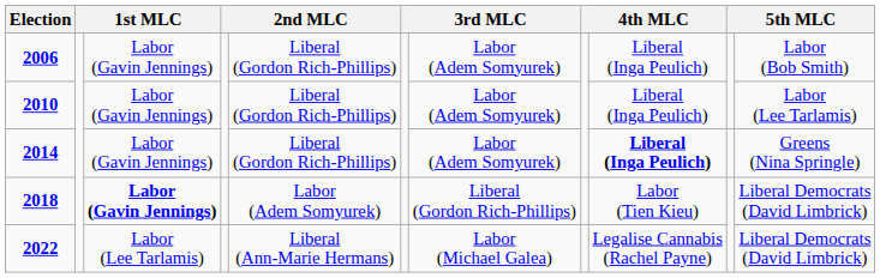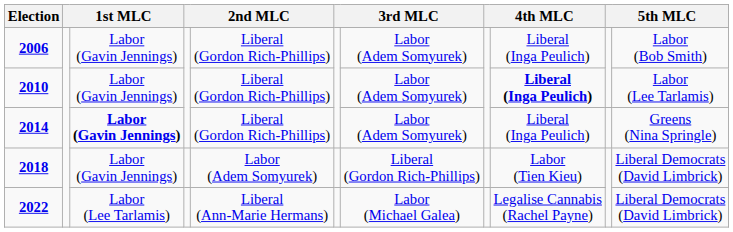 <table class=wikitable style=text-align:center>
 <tr>
 <th>Election</th>
 <th colspan=2>1st MLC</th>
 <th colspan=2>2nd MLC</th>
 <th colspan=2>3rd MLC</th>
 <th colspan=2>4th MLC</th>
 <th colspan=2>5th MLC</th>
 </tr>
 <tr>
 <td><strong><a href='#'>2006</a></strong></td>
 <td rowspan=5 ></td>
 <td><a href='#'>Labor</a><br>(<a href='#'>Gavin Jennings</a>)</td>
 <td rowspan=3 ></td>
 <td><a href='#'>Liberal</a><br>(<a href='#'>Gordon Rich-Phillips</a>)</td>
 <td rowspan=3 ></td>
 <td><a href='#'>Labor</a><br>(<a href='#'>Adem Somyurek</a>)</td>
 <td rowspan=3 ></td>
 <td><a href='#'>Liberal</a><br>(<a href='#'>Inga Peulich</a>)</td>
 <td rowspan=2 ></td>
 <td><a href='#'>Labor</a><br>(<a href='#'>Bob Smith</a>)</td>
 </tr>
 <tr>
 <td><strong><a href='#'>2010</a></strong></td>
 <td><a href='#'>Labor</a><br>(<a href='#'>Gavin Jennings</a>)</td>
 <td><a href='#'>Liberal</a><br>(<a href='#'>Gordon Rich-Phillips</a>)</td>
 <td><a href='#'>Labor</a><br>(<a href='#'>Adem Somyurek</a>)</td>
-<td><a href='#'>Liberal</a><br>(<a href='#'>Inga Peulich</a>)</td>
+<td><strong><a href='#'>Liberal</a><br>(<a href='#'>Inga Peulich</a>)</strong></td>
 <td><a href='#'>Labor</a><br>(<a href='#'>Lee Tarlamis</a>)</td>
 </tr>
 <tr>
 <td><strong><a href='#'>2014</a></strong></td>
-<td><a href='#'>Labor</a><br>(<a href='#'>Gavin Jennings</a>)</td>
+<td><strong><a href='#'>Labor</a><br>(<a href='#'>Gavin Jennings</a>)</strong></td>
 <td><a href='#'>Liberal</a><br>(<a href='#'>Gordon Rich-Phillips</a>)</td>
 <td><a href='#'>Labor</a><br>(<a href='#'>Adem Somyurek</a>)</td>
-<td><strong><a href='#'>Liberal</a><br>(<a href='#'>Inga Peulich</a>)</strong></td>
+<td><a href='#'>Liberal</a><br>(<a href='#'>Inga Peulich</a>)</td>
 <td></td>
 <td><a href='#'>Greens</a><br>(<a href='#'>Nina Springle</a>)</td>
 </tr>
 <tr>
 <td><strong><a href='#'>2018</a></strong></td>
-<td><strong><a href='#'>Labor</a><br>(<a href='#'>Gavin Jennings</a>)</strong></td>
+<td><a href='#'>Labor</a><br>(<a href='#'>Gavin Jennings</a>)</td>
 <td></td>
 <td><a href='#'>Labor</a><br>(<a href='#'>Adem Somyurek</a>)</td>
 <td></td>
 <td><a href='#'>Liberal</a><br>(<a href='#'>Gordon Rich-Phillips</a>)</td>
 <td></td>
 <td><a href='#'>Labor</a><br>(<a href='#'>Tien Kieu</a>)</td>
 <td rowspan=2 ></td>
 <td><a href='#'>Liberal Democrats</a><br>(<a href='#'>David Limbrick</a>)</td>
 </tr>
 <tr>
 <td><strong><a href='#'>2022</a></strong></td>
 <td><a href='#'>Labor</a><br>(<a href='#'>Lee Tarlamis</a>)</td>
 <td></td>
 <td><a href='#'>Liberal</a><br>(<a href='#'>Ann-Marie Hermans</a>)</td>
 <td></td>
 <td><a href='#'>Labor</a><br>(<a href='#'>Michael Galea</a>)</td>
 <td></td>
 <td><a href='#'>Legalise Cannabis</a><br>(<a href='#'>Rachel Payne</a>)</td>
 <td><a href='#'>Liberal Democrats</a><br>(<a href='#'>David Limbrick</a>)</td>
 </tr>
 </table>
